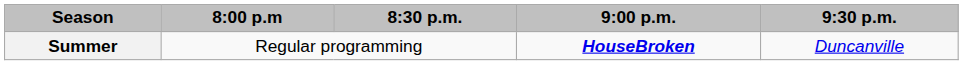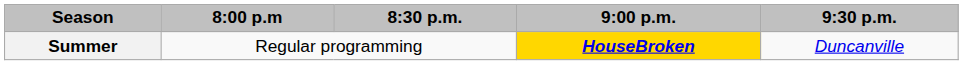 <table class="wikitable" style="width:100%;margin-right:0;text-align:center">
 <tr>
 <th style="background-color:#C0C0C0;text-align:center">Season</th>
 <th style="background-color:#C0C0C0;text-align:center">8:00 p.m</th>
 <th style="background-color:#C0C0C0;text-align:center">8:30 p.m.</th>
 <th style="background-color:#C0C0C0;text-align:center">9:00 p.m.</th>
 <th style="background-color:#C0C0C0;text-align:center">9:30 p.m.</th>
 </tr>
 <tr>
 <th>Summer</th>
 <td colspan="2">Regular programming</td>
-<td><strong><em><a href='#'>HouseBroken</a></em></strong></td>
+<td style="background: gold;"><strong><em><a href='#'>HouseBroken</a></em></strong></td>
 <td><em><a href='#'>Duncanville</a></em></td>
 </tr>
 </table>
